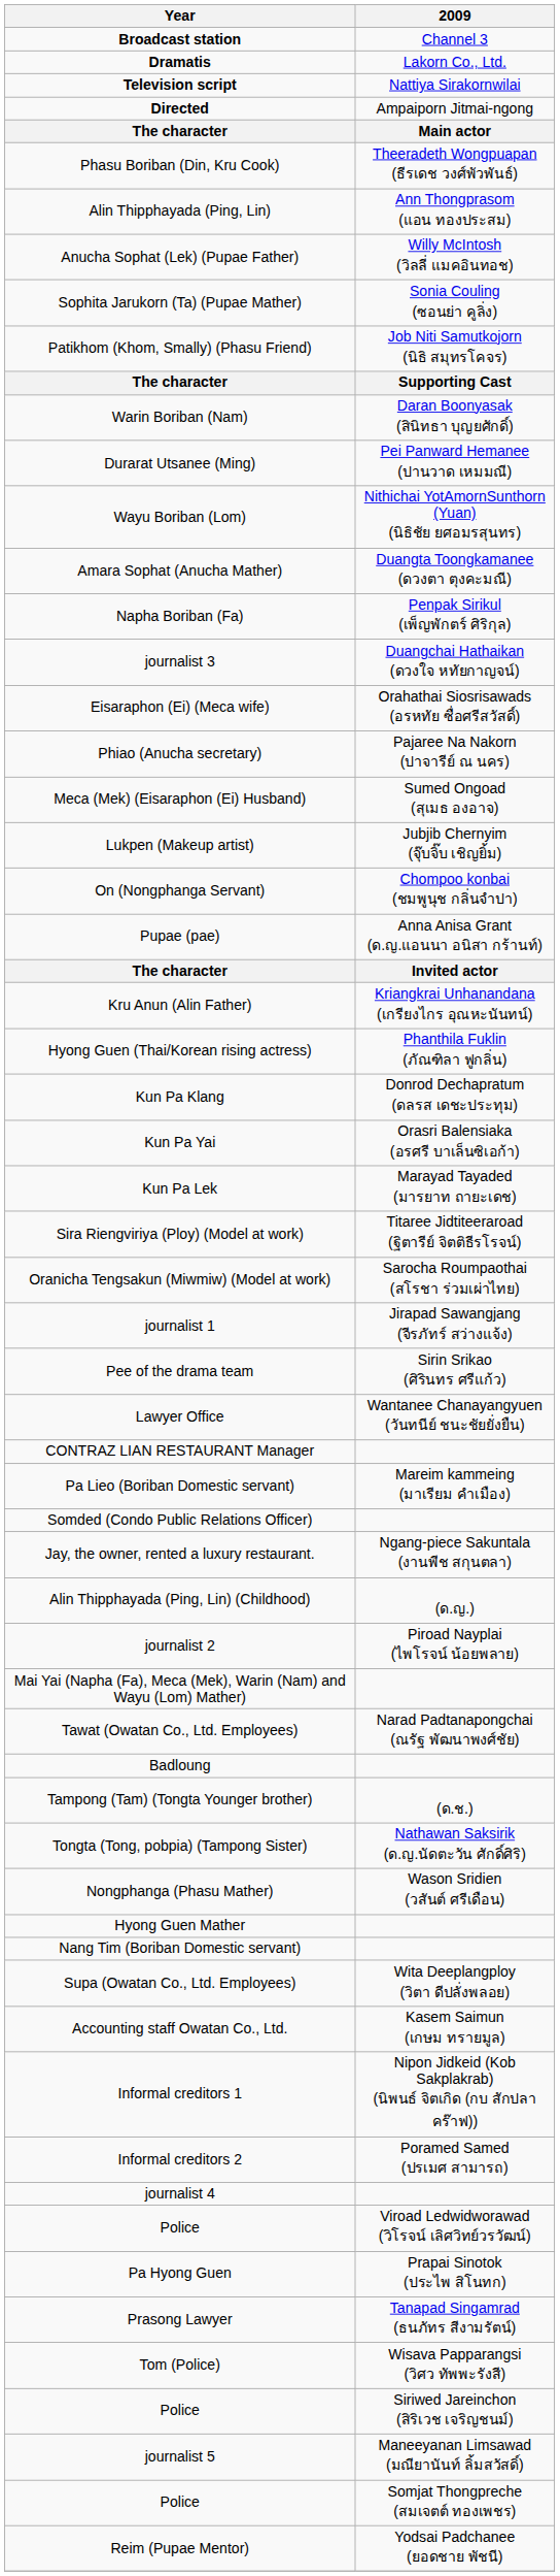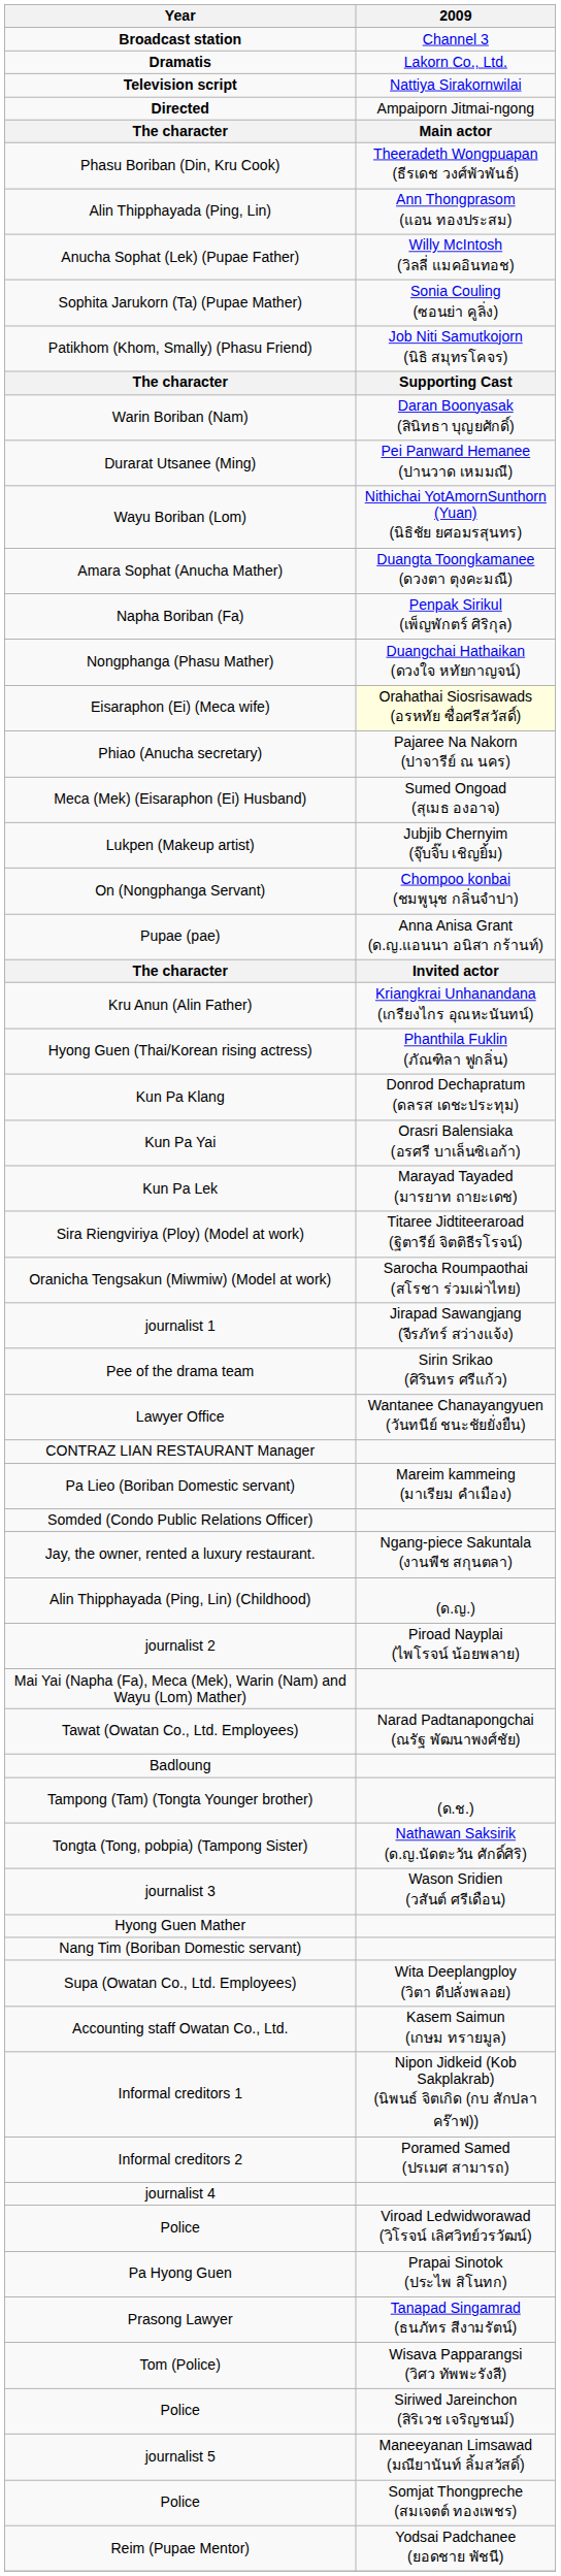 <table class="wikitable">
 <tr>
 <th>Year</th>
 <th><strong>2009</strong></th>
 </tr>
 <tr>
 <td align = "center"><strong>Broadcast station</strong></td>
 <td align = "center"><a href='#'>Channel 3</a></td>
 </tr>
 <tr>
 <td align = "center"><strong>Dramatis </strong></td>
 <td align = "center"><a href='#'>Lakorn Co., Ltd.</a></td>
 </tr>
 <tr>
 <td align = "center"><strong>Television script </strong></td>
 <td align = "center"><a href='#'>Nattiya Sirakornwilai</a></td>
 </tr>
 <tr>
 <td align = "center"><strong>Directed</strong></td>
 <td align = "center">Ampaiporn Jitmai-ngong</td>
 </tr>
 <tr>
 <th>The character</th>
 <th align="center">Main actor</th>
 </tr>
 <tr>
 <td align = "center">Phasu Boriban (Din, Kru Cook)</td>
 <td align = "center"><a href='#'>Theeradeth Wongpuapan</a> <br> (ธีรเดช วงศ์พัวพันธ์)</td>
 </tr>
 <tr>
 <td align = "center">Alin Thipphayada (Ping, Lin)</td>
 <td align = "center"><a href='#'>Ann Thongprasom</a> <br> (แอน ทองประสม)</td>
 </tr>
 <tr>
 <td align = "center">Anucha Sophat (Lek) (Pupae Father)</td>
 <td align = "center"><a href='#'>Willy McIntosh</a> <br> (วิลลี่ แมคอินทอช)</td>
 </tr>
 <tr>
 <td align = "center">Sophita Jarukorn (Ta) (Pupae Mather)</td>
 <td align = "center"><a href='#'>Sonia Couling</a> <br> (ซอนย่า คูลิ่ง)</td>
 </tr>
 <tr>
 <td align = "center">Patikhom (Khom, Smally) (Phasu Friend)</td>
 <td align = "center"><a href='#'>Job Niti Samutkojorn</a> <br> (นิธิ สมุทรโคจร)</td>
 </tr>
 <tr>
 <th>The character</th>
 <th align="center">Supporting Cast</th>
 </tr>
 <tr>
 <td align = "center">Warin Boriban (Nam)</td>
 <td align = "center"><a href='#'>Daran Boonyasak</a> <br> (สินิทธา บุญยศักดิ์)</td>
 </tr>
 <tr>
 <td align = "center">Durarat Utsanee (Ming)</td>
 <td align = "center"><a href='#'>Pei Panward Hemanee</a> <br> (ปานวาด เหมมณี)</td>
 </tr>
 <tr>
 <td align = "center">Wayu Boriban (Lom)</td>
 <td align = "center"><a href='#'>Nithichai YotAmornSunthorn (Yuan)</a><br> (นิธิชัย ยศอมรสุนทร)</td>
 </tr>
 <tr>
 <td align = "center">Amara Sophat (Anucha Mather)</td>
 <td align = "center"><a href='#'>Duangta Toongkamanee</a> <br> (ดวงตา ตุงคะมณี)</td>
 </tr>
 <tr>
 <td align = "center">Napha Boriban (Fa)</td>
 <td align = "center"><a href='#'>Penpak Sirikul</a> <br> (เพ็ญพักตร์ ศิริกุล)</td>
 </tr>
 <tr>
-<td align = "center">journalist 3</td>
+<td align = "center">Nongphanga (Phasu Mather)</td>
 <td align = "center"><a href='#'>Duangchai Hathaikan</a> <br> (ดวงใจ หทัยกาญจน์)</td>
 </tr>
 <tr>
 <td align = "center">Eisaraphon (Ei) (Meca wife)</td>
-<td align = "center">Orahathai Siosrisawads <br> (อรหทัย ซื่อศรีสวัสดิ์)</td>
+<td align = "center" style="background: lightyellow;">Orahathai Siosrisawads <br> (อรหทัย ซื่อศรีสวัสดิ์)</td>
 </tr>
 <tr>
 <td align = "center">Phiao (Anucha secretary)</td>
 <td align = "center">Pajaree Na Nakorn <br> (ปาจารีย์ ณ นคร)</td>
 </tr>
 <tr>
 <td align = "center">Meca (Mek) (Eisaraphon (Ei) Husband)</td>
 <td align = "center">Sumed Ongoad <br> (สุเมธ องอาจ)</td>
 </tr>
 <tr>
 <td align = "center">Lukpen (Makeup artist)</td>
 <td align = "center">Jubjib Chernyim <br> (จุ๊บจิ๊บ เชิญยิ้ม)</td>
 </tr>
 <tr>
 <td align = "center">On (Nongphanga Servant)</td>
 <td align = "center"><a href='#'>Chompoo konbai</a> <br> (ชมพูนุช กลิ่นจำปา)</td>
 </tr>
 <tr>
 <td align = "center">Pupae (pae)</td>
 <td align = "center">Anna Anisa Grant <br> (ด.ญ.แอนนา อนิสา กร้านท์)</td>
 </tr>
 <tr>
 <th>The character</th>
 <th align="center">Invited actor</th>
 </tr>
 <tr>
 <td align = "center">Kru Anun (Alin Father)</td>
 <td align = "center"><a href='#'>Kriangkrai Unhanandana</a> <br> (เกรียงไกร อุณหะนันทน์)</td>
 </tr>
 <tr>
 <td align = "center">Hyong Guen (Thai/Korean rising actress)</td>
 <td align = "center"><a href='#'>Phanthila Fuklin</a> <br> (ภัณฑิลา ฟูกลิ่น)</td>
 </tr>
 <tr>
 <td align = "center">Kun Pa Klang</td>
 <td align = "center">Donrod Dechapratum <br> (ดลรส เดชะประทุม)</td>
 </tr>
 <tr>
 <td align = "center">Kun Pa Yai</td>
 <td align = "center">Orasri Balensiaka <br> (อรศรี บาเล็นซิเอก้า)</td>
 </tr>
 <tr>
 <td align = "center">Kun Pa Lek</td>
 <td align = "center">Marayad Tayaded <br> (มารยาท ถายะเดช)</td>
 </tr>
 <tr>
 <td align = "center">Sira Riengviriya (Ploy) (Model at work)</td>
 <td align = "center">Titaree Jidtiteeraroad <br> (ฐิตารีย์ จิตติธีรโรจน์)</td>
 </tr>
 <tr>
 <td align = "center">Oranicha Tengsakun (Miwmiw) (Model at work)</td>
 <td align = "center">Sarocha Roumpaothai <br> (สโรชา ร่วมเผ่าไทย)</td>
 </tr>
 <tr>
 <td align = "center">journalist 1</td>
 <td align = "center">Jirapad Sawangjang <br> (จีรภัทร์ สว่างแจ้ง)</td>
 </tr>
 <tr>
 <td align = "center">Pee of the drama team</td>
 <td align = "center">Sirin Srikao <br> (ศิรินทร ศรีแก้ว)</td>
 </tr>
 <tr>
 <td align = "center">Lawyer Office</td>
 <td align = "center">Wantanee Chanayangyuen <br> (วันทนีย์ ชนะชัยยั่งยืน)</td>
 </tr>
 <tr>
 <td align = "center">CONTRAZ LIAN RESTAURANT Manager</td>
 <td align = "center"></td>
 </tr>
 <tr>
 <td align = "center">Pa Lieo (Boriban Domestic servant)</td>
 <td align = "center">Mareim kammeing <br> (มาเรียม คำเมือง)</td>
 </tr>
 <tr>
 <td align = "center">Somded (Condo Public Relations Officer)</td>
 <td align = "center"></td>
 </tr>
 <tr>
 <td align = "center">Jay, the owner, rented a luxury restaurant.</td>
 <td align = "center">Ngang-piece Sakuntala <br> (งานพีช สกุนตลา)</td>
 </tr>
 <tr>
 <td align = "center">Alin Thipphayada (Ping, Lin) (Childhood)</td>
 <td align = "center"><br> (ด.ญ.)</td>
 </tr>
 <tr>
 <td align = "center">journalist 2</td>
 <td align = "center">Piroad Nayplai <br> (ไพโรจน์ น้อยพลาย)</td>
 </tr>
 <tr>
 <td align = "center">Mai Yai (Napha (Fa), Meca (Mek), Warin (Nam) and Wayu (Lom) Mather)</td>
 <td align = "center"></td>
 </tr>
 <tr>
 <td align = "center">Tawat (Owatan Co., Ltd. Employees)</td>
 <td align = "center">Narad Padtanapongchai <br> (ณรัฐ พัฒนาพงศ์ชัย)</td>
 </tr>
 <tr>
 <td align = "center">Badloung</td>
 <td align = "center"></td>
 </tr>
 <tr>
 <td align = "center">Tampong (Tam) (Tongta Younger brother)</td>
 <td align = "center"><br> (ด.ช.)</td>
 </tr>
 <tr>
 <td align = "center">Tongta (Tong, pobpia) (Tampong Sister)</td>
 <td align = "center"><a href='#'>Nathawan Saksirik</a> <br> (ด.ญ.นัดตะวัน ศักดิ์ศิริ)</td>
 </tr>
 <tr>
-<td align = "center">Nongphanga (Phasu Mather)</td>
+<td align = "center">journalist 3</td>
 <td align = "center">Wason Sridien <br> (วสันต์ ศรีเดือน)</td>
 </tr>
 <tr>
 <td align = "center">Hyong Guen Mather</td>
 <td align = "center"></td>
 </tr>
 <tr>
 <td align = "center">Nang Tim (Boriban Domestic servant)</td>
 <td align = "center"></td>
 </tr>
 <tr>
 <td align = "center">Supa (Owatan Co., Ltd. Employees)</td>
 <td align = "center">Wita Deeplangploy <br> (วิตา ดีปลั่งพลอย)</td>
 </tr>
 <tr>
 <td align = "center">Accounting staff Owatan Co., Ltd.</td>
 <td align = "center">Kasem Saimun <br> (เกษม ทรายมูล)</td>
 </tr>
 <tr>
 <td align = "center">Informal creditors 1</td>
 <td align = "center">Nipon Jidkeid (Kob Sakplakrab) <br> (นิพนธ์ จิตเกิด (กบ สักปลาคร๊าฟ))</td>
 </tr>
 <tr>
 <td align = "center">Informal creditors 2</td>
 <td align = "center">Poramed Samed <br> (ปรเมศ สามารถ)</td>
 </tr>
 <tr>
 <td align = "center">journalist 4</td>
 <td align = "center"></td>
 </tr>
 <tr>
 <td align = "center">Police</td>
 <td align = "center">Viroad Ledwidworawad <br> (วิโรจน์ เลิศวิทย์วรวัฒน์)</td>
 </tr>
 <tr>
 <td align = "center">Pa Hyong Guen</td>
 <td align = "center">Prapai Sinotok <br> (ประไพ สิโนทก)</td>
 </tr>
 <tr>
 <td align = "center">Prasong Lawyer</td>
 <td align = "center"><a href='#'>Tanapad Singamrad</a> <br> (ธนภัทร สีงามรัตน์)</td>
 </tr>
 <tr>
 <td align = "center">Tom (Police)</td>
 <td align = "center">Wisava Papparangsi <br> (วิศว ทัพพะรังสี)</td>
 </tr>
 <tr>
 <td align = "center">Police</td>
 <td align = "center">Siriwed Jareinchon <br> (สิริเวช เจริญชนม์)</td>
 </tr>
 <tr>
 <td align = "center">journalist 5</td>
 <td align = "center">Maneeyanan Limsawad <br> (มณียานันท์ ลิ้มสวัสดิ์)</td>
 </tr>
 <tr>
 <td align = "center">Police</td>
 <td align = "center">Somjat Thongpreche <br> (สมเจตต์ ทองเพชร)</td>
 </tr>
 <tr>
 <td align = "center">Reim (Pupae Mentor)</td>
 <td align = "center">Yodsai Padchanee <br> (ยอดชาย พัชนี)</td>
 </tr>
 <tr>
 </tr>
 </table>
